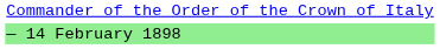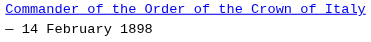 <table>
 <tr>
 <td rowspan=2 style="width:60px; vertical-align:top;"></td>
 <td><a href='#'>Commander of the Order of the Crown of Italy</a></td>
 </tr>
 <tr>
-<td style="background: lightgreen;">— 14 February 1898</td>
+<td>— 14 February 1898</td>
 </tr>
 </table>
